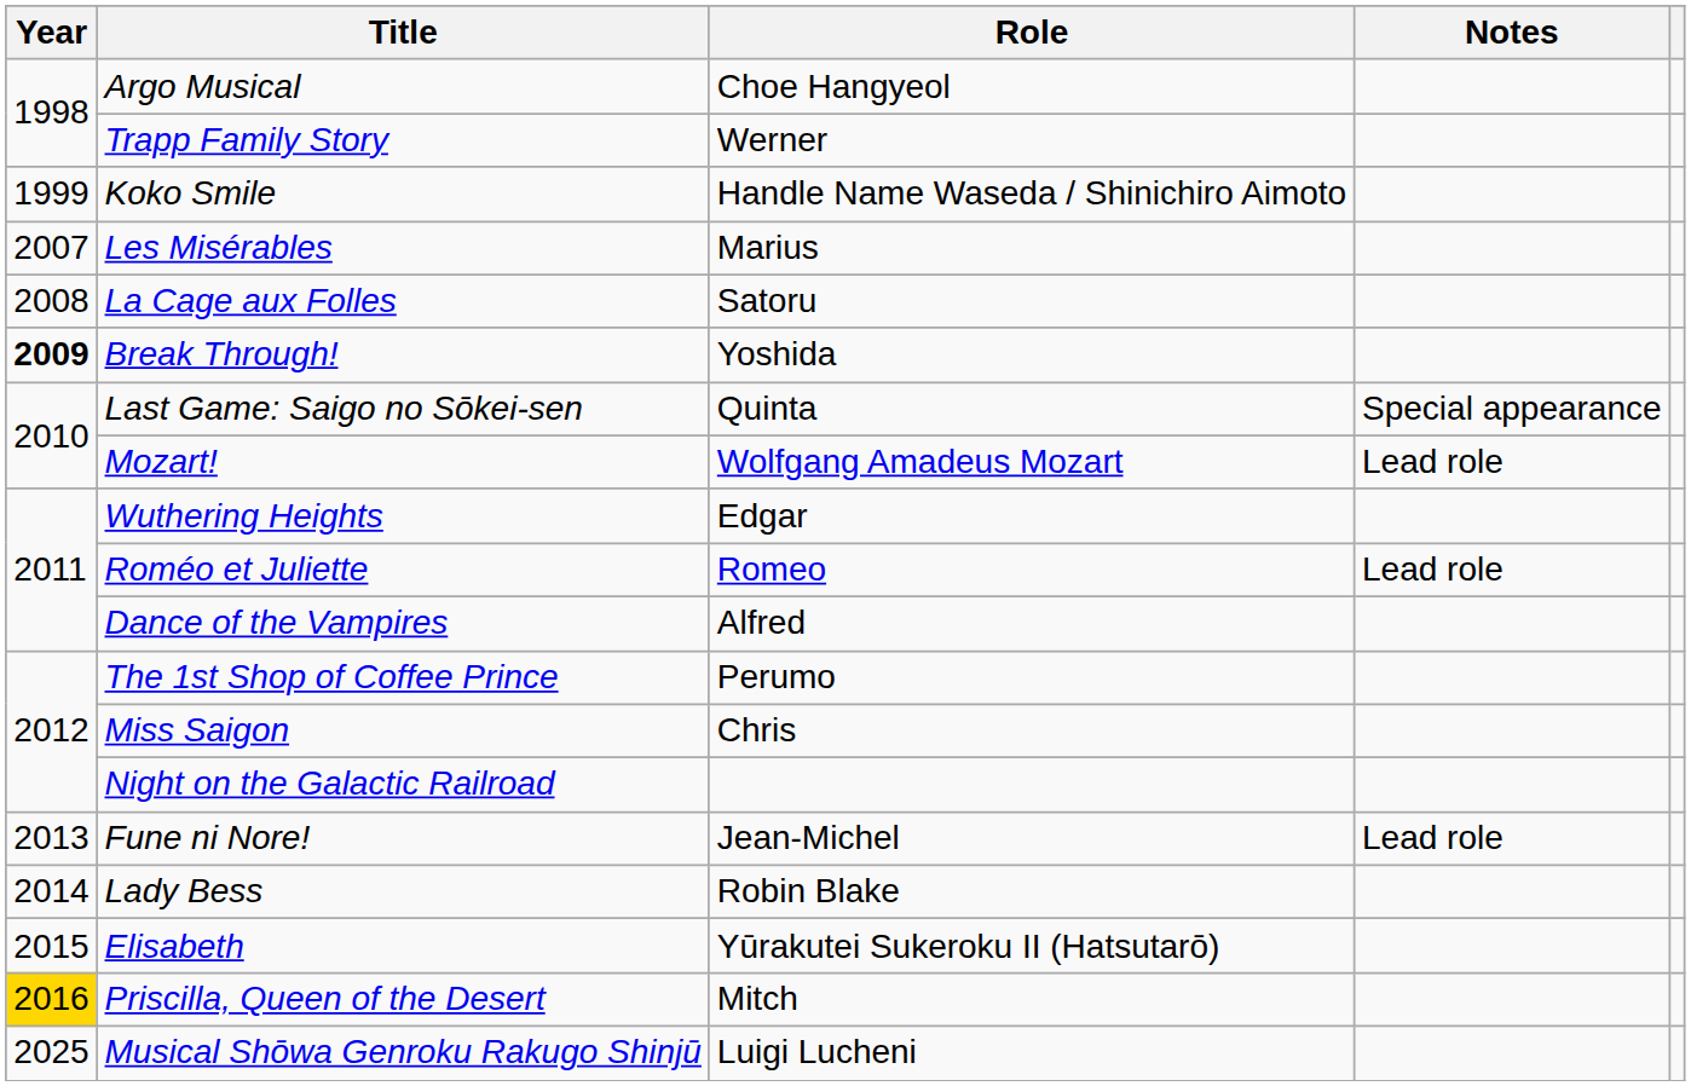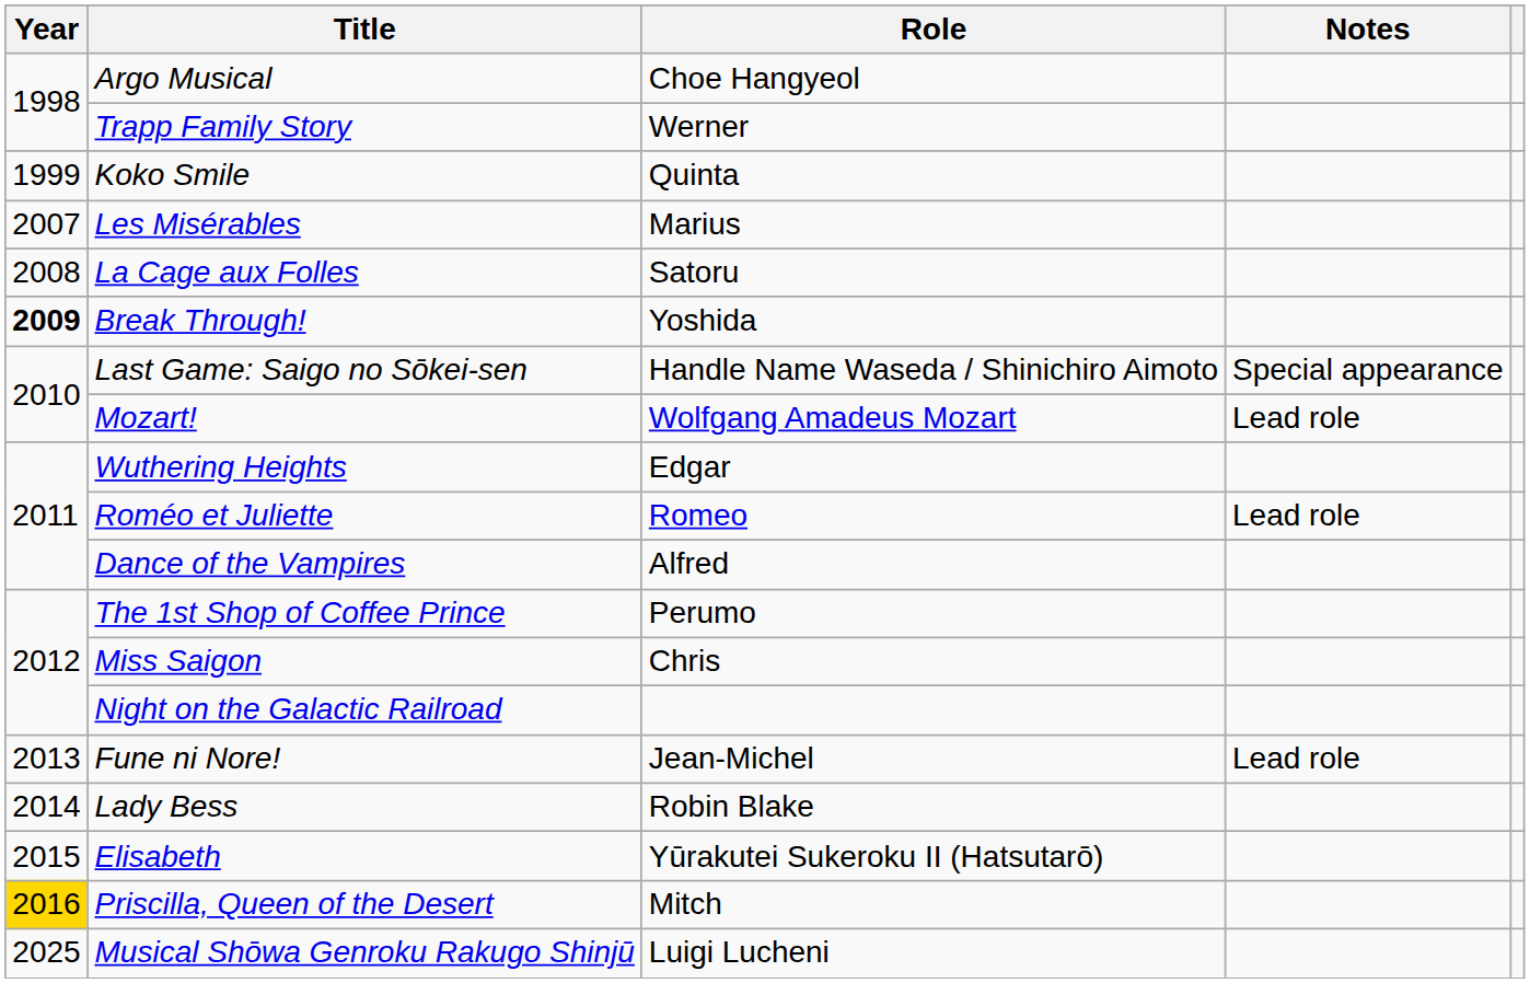 <table class="wikitable">
 <tr>
 <th>Year</th>
 <th>Title</th>
 <th>Role</th>
 <th>Notes</th>
 <th></th>
 </tr>
 <tr>
 <td rowspan="2">1998</td>
 <td><em>Argo Musical</em></td>
 <td>Choe Hangyeol</td>
 <td></td>
 <td></td>
 </tr>
 <tr>
 <td><em><a href='#'>Trapp Family Story</a></em></td>
 <td>Werner</td>
 <td></td>
 <td></td>
 </tr>
 <tr>
 <td>1999</td>
 <td><em>Koko Smile</em></td>
-<td>Handle Name Waseda / Shinichiro Aimoto</td>
+<td>Quinta</td>
 <td></td>
 <td></td>
 </tr>
 <tr>
 <td>2007</td>
 <td><em><a href='#'>Les Misérables</a></em></td>
 <td>Marius</td>
 <td></td>
 <td></td>
 </tr>
 <tr>
 <td>2008</td>
 <td><em><a href='#'>La Cage aux Folles</a></em></td>
 <td>Satoru</td>
 <td></td>
 <td></td>
 </tr>
 <tr>
 <td><strong>2009</strong></td>
 <td><em><a href='#'>Break Through!</a></em></td>
 <td>Yoshida</td>
 <td></td>
 <td></td>
 </tr>
 <tr>
 <td rowspan="2">2010</td>
 <td><em>Last Game: Saigo no Sōkei-sen</em></td>
-<td>Quinta</td>
+<td>Handle Name Waseda / Shinichiro Aimoto</td>
 <td>Special appearance</td>
 <td></td>
 </tr>
 <tr>
 <td><em><a href='#'>Mozart!</a></em></td>
 <td><a href='#'>Wolfgang Amadeus Mozart</a></td>
 <td>Lead role</td>
 <td></td>
 </tr>
 <tr>
 <td rowspan="3">2011</td>
 <td><em><a href='#'>Wuthering Heights</a></em></td>
 <td>Edgar</td>
 <td></td>
 <td></td>
 </tr>
 <tr>
 <td><em><a href='#'>Roméo et Juliette</a></em></td>
 <td><a href='#'>Romeo</a></td>
 <td>Lead role</td>
 <td></td>
 </tr>
 <tr>
 <td><em><a href='#'>Dance of the Vampires</a></em></td>
 <td>Alfred</td>
 <td></td>
 <td></td>
 </tr>
 <tr>
 <td rowspan="3">2012</td>
 <td><em><a href='#'>The 1st Shop of Coffee Prince</a></em></td>
 <td>Perumo</td>
 <td></td>
 <td></td>
 </tr>
 <tr>
 <td><em><a href='#'>Miss Saigon</a></em></td>
 <td>Chris</td>
 <td></td>
 <td></td>
 </tr>
 <tr>
 <td><em><a href='#'>Night on the Galactic Railroad</a></em></td>
 <td></td>
 <td></td>
 <td></td>
 </tr>
 <tr>
 <td>2013</td>
 <td><em>Fune ni Nore!</em></td>
 <td>Jean-Michel</td>
 <td>Lead role</td>
 <td></td>
 </tr>
 <tr>
 <td>2014</td>
 <td><em>Lady Bess</em></td>
 <td>Robin Blake</td>
 <td></td>
 <td></td>
 </tr>
 <tr>
 <td>2015</td>
 <td><em><a href='#'>Elisabeth</a></em></td>
 <td>Yūrakutei Sukeroku II (Hatsutarō)</td>
 <td></td>
 <td></td>
 </tr>
 <tr>
 <td style="background: gold;">2016</td>
 <td><em><a href='#'>Priscilla, Queen of the Desert</a></em></td>
 <td>Mitch</td>
 <td></td>
 <td></td>
 </tr>
 <tr>
 <td>2025</td>
 <td><em><a href='#'>Musical Shōwa Genroku Rakugo Shinjū</a></em></td>
 <td>Luigi Lucheni</td>
 <td></td>
 <td></td>
 </tr>
 </table>
